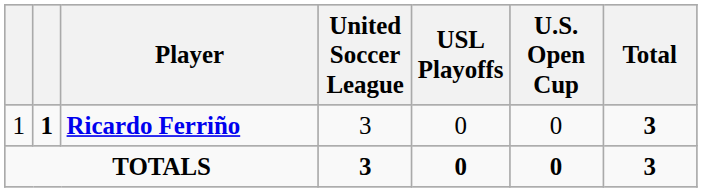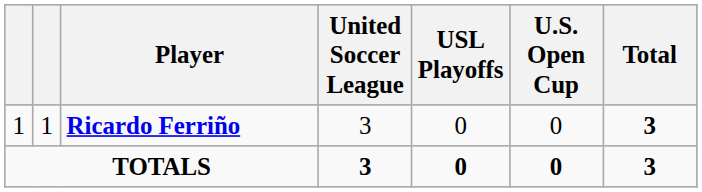 <table class="wikitable sortable" style="font-size: 95%; text-align: center;">
 <tr>
 <th width=10></th>
 <th width=10></th>
 <th width=150>Player</th>
 <th width=50>United Soccer League</th>
 <th width=50>USL Playoffs</th>
 <th width=50>U.S. Open Cup</th>
 <th width=50>Total</th>
 </tr>
 <tr>
 <td>1</td>
-<td><strong>1</strong></td>
+<td>1</td>
 <td align=left><strong> <a href='#'>Ricardo Ferriño</a></strong></td>
 <td>3</td>
 <td>0</td>
 <td>0</td>
 <td><strong>3</strong></td>
 </tr>
 <tr>
 <td colspan="3"><strong>TOTALS</strong></td>
 <td><strong>3</strong></td>
 <td><strong>0</strong></td>
 <td><strong>0</strong></td>
 <td><strong>3</strong></td>
 </tr>
 </table>
